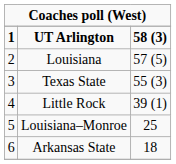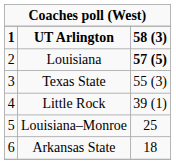 <table class="wikitable">
 <tr align="center">
 <td align="center" Colspan="3"><strong>Coaches poll (West)</strong></td>
 </tr>
 <tr align="center">
 </tr>
 <tr align="center">
 <td><strong>1</strong></td>
 <td><strong>UT Arlington</strong></td>
 <td><strong>58 (3)</strong></td>
 </tr>
 <tr align="center">
 <td>2</td>
 <td>Louisiana</td>
-<td>57 (5)</td>
+<td><strong>57 (5)</strong></td>
 </tr>
 <tr align="center">
 <td>3</td>
 <td>Texas State</td>
 <td>55 (3)</td>
 </tr>
 <tr align="center">
 <td>4</td>
 <td>Little Rock</td>
 <td>39 (1)</td>
 </tr>
 <tr align="center">
 <td>5</td>
 <td>Louisiana–Monroe</td>
 <td>25</td>
 </tr>
 <tr align="center">
 <td>6</td>
 <td>Arkansas State</td>
 <td>18</td>
 </tr>
 <tr align="center">
 </tr>
 </table>
